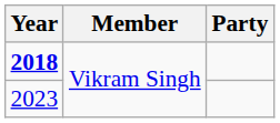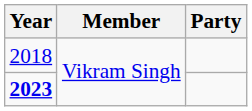 <table class="wikitable sortable">
 <tr>
 <th>Year</th>
 <th>Member</th>
 <th colspan=2>Party</th>
 </tr>
 <tr>
-<td><strong><a href='#'>2018</a></strong></td>
+<td><a href='#'>2018</a></td>
 <td rowspan="2"><a href='#'>Vikram Singh</a></td>
 <td></td>
 </tr>
 <tr>
-<td><a href='#'>2023</a></td>
+<td><strong><a href='#'>2023</a></strong></td>
 </tr>
 </table>
